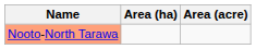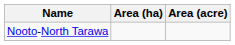 <table class="wikitable sortable">
 <tr>
 <th scope="col" align=left>Name</th>
 <th scope="col">Area (ha)</th>
 <th scope="col">Area (acre)</th>
 </tr>
 <tr ---->
-<td style="background: lightsalmon;"><a href='#'>Nooto</a>-<a href='#'>North Tarawa</a></td>
+<td><a href='#'>Nooto</a>-<a href='#'>North Tarawa</a></td>
 <td></td>
 </tr>
 </table>
